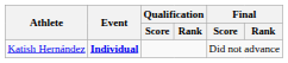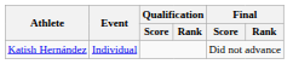 <table class=wikitable style=font-size:90%;text-align:center>
 <tr>
 <th rowspan=2>Athlete</th>
 <th rowspan=2>Event</th>
 <th colspan=2>Qualification</th>
 <th colspan=2>Final</th>
 </tr>
 <tr style=font-size:95%>
 <th>Score</th>
 <th>Rank</th>
 <th>Score</th>
 <th>Rank</th>
 </tr>
 <tr>
 <td align=left><a href='#'>Katish Hernández</a></td>
-<td align=left><strong><a href='#'>Individual</a></strong></td>
+<td align=left><a href='#'>Individual</a></td>
 <td colspan=2></td>
 <td colspan=2>Did not advance</td>
 </tr>
 </table>
